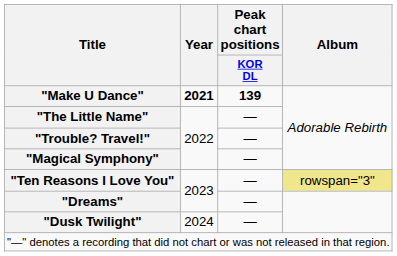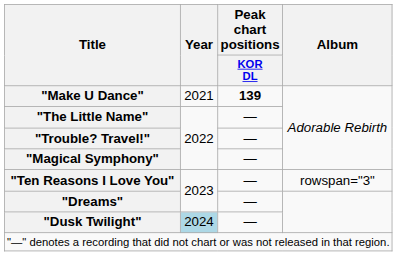 <table class="wikitable plainrowheaders" style="text-align:center">
 <tr>
 <th scope="col" rowspan="2">Title</th>
 <th scope="col" rowspan="2">Year</th>
 <th scope="col">Peak chart<br>positions</th>
 <th scope="col" rowspan="2">Album</th>
 </tr>
 <tr>
 <th scope="col" style="font-size:85%; width:2.85em"><a href='#'>KOR<br>DL</a><br></th>
 </tr>
 <tr>
 <th scope="row">"Make U Dance"<br></th>
-<td><strong>2021</strong></td>
+<td>2021</td>
 <td><strong>139</strong></td>
 <td rowspan="4"><em>Adorable Rebirth</em></td>
 </tr>
 <tr>
 <th scope="row">"The Little Name" </th>
 <td rowspan="3">2022</td>
 <td>—</td>
 </tr>
 <tr>
 <th scope="row">"Trouble? Travel!"</th>
 <td>—</td>
 </tr>
 <tr>
 <th scope="row">"Magical Symphony"</th>
 <td>—</td>
 </tr>
 <tr>
 <th scope="row">"Ten Reasons I Love You" </th>
 <td rowspan="2">2023</td>
 <td>—</td>
-<td style="background: khaki;">rowspan="3" </td>
+<td>rowspan="3" </td>
 </tr>
 <tr>
 <th scope="row">"Dreams" </th>
 <td>—</td>
 </tr>
 <tr>
 <th scope="row">"Dusk Twilight" <br></th>
-<td>2024</td>
+<td style="background: lightblue;">2024</td>
 <td>—</td>
 </tr>
 <tr>
 <td colspan="4" style="font-size:85%">"—" denotes a recording that did not chart or was not released in that region.</td>
 </tr>
 </table>
